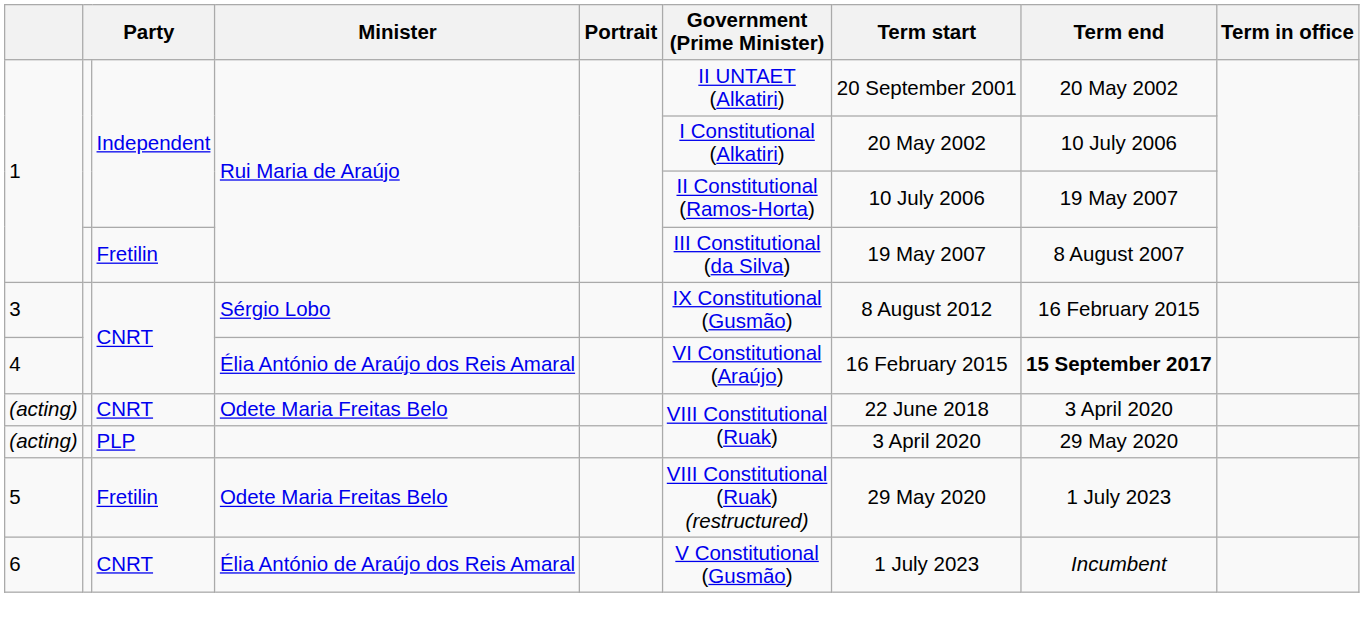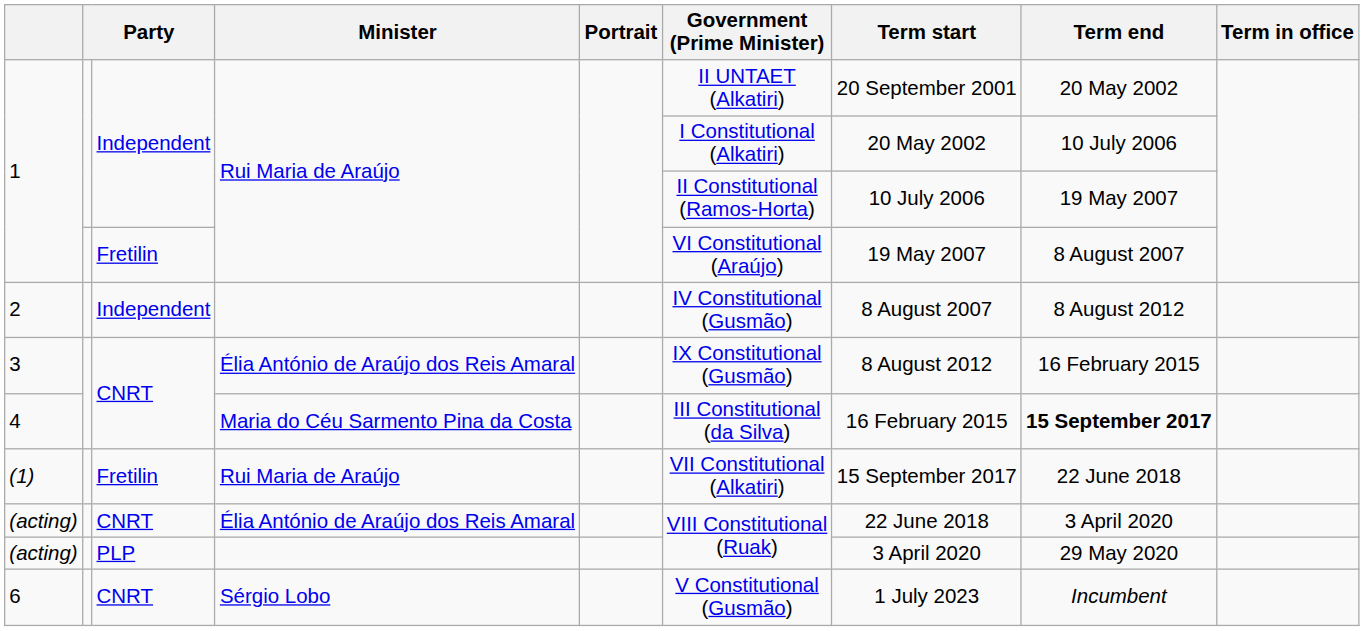 <table class="wikitable sortable">
 <tr>
 <th></th>
 <th colspan="2">Party</th>
 <th>Minister</th>
 <th>Portrait</th>
 <th>Government<br>(Prime Minister)</th>
 <th>Term start</th>
 <th>Term end</th>
 <th>Term in office</th>
 </tr>
 <tr>
 <td rowspan=4>1</td>
 <td rowspan=3 style="background:"></td>
 <td rowspan=3><a href='#'>Independent</a></td>
 <td rowspan=4><a href='#'>Rui Maria de Araújo</a></td>
 <td rowspan=4></td>
 <td align=center><a href='#'>II UNTAET</a><br>(<a href='#'>Alkatiri</a>)</td>
 <td align=center>20 September 2001</td>
 <td align=center>20 May 2002</td>
 <td rowspan=4 align=right></td>
 </tr>
 <tr>
 <td align=center><a href='#'>I Constitutional</a><br>(<a href='#'>Alkatiri</a>)</td>
 <td align=center>20 May 2002</td>
 <td align=center>10 July 2006</td>
 </tr>
 <tr>
 <td align=center><a href='#'>II Constitutional</a><br>(<a href='#'>Ramos-Horta</a>)</td>
 <td align=center>10 July 2006</td>
 <td align=center>19 May 2007</td>
 </tr>
 <tr>
 <td style="background:"></td>
 <td><a href='#'>Fretilin</a></td>
-<td align=center><a href='#'>III Constitutional</a><br>(<a href='#'>da Silva</a>)</td>
+<td align=center><a href='#'>VI Constitutional</a><br>(<a href='#'>Araújo</a>)</td>
 <td align=center>19 May 2007</td>
 <td align=center>8 August 2007</td>
+</tr>
+<tr>
+<td>2</td>
+<td style="background:"></td>
+<td><a href='#'>Independent</a></td>
+<td></td>
+<td></td>
+<td align=center><a href='#'>IV Constitutional</a><br>(<a href='#'>Gusmão</a>)</td>
+<td align=center>8 August 2007</td>
+<td align=center>8 August 2012</td>
+<td align=right></td>
 </tr>
 <tr>
 <td>3</td>
 <td rowspan=2 style="background:"></td>
 <td rowspan=2><a href='#'>CNRT</a></td>
-<td><a href='#'>Sérgio Lobo</a></td>
+<td><a href='#'>Élia António de Araújo dos Reis Amaral</a></td>
 <td></td>
 <td align=center><a href='#'>IX Constitutional</a><br>(<a href='#'>Gusmão</a>)</td>
 <td align=center>8 August 2012</td>
 <td align=center>16 February 2015</td>
 <td align=right></td>
 </tr>
 <tr>
 <td>4</td>
-<td><a href='#'>Élia António de Araújo dos Reis Amaral</a></td>
+<td><a href='#'>Maria do Céu Sarmento Pina da Costa</a></td>
 <td></td>
-<td align=center><a href='#'>VI Constitutional</a><br>(<a href='#'>Araújo</a>)</td>
+<td align=center><a href='#'>III Constitutional</a><br>(<a href='#'>da Silva</a>)</td>
 <td align=center>16 February 2015</td>
 <td align=center><strong>15 September 2017</strong></td>
+<td align=right></td>
+</tr>
+<tr>
+<td><em>(1)</em></td>
+<td style="background:"></td>
+<td><a href='#'>Fretilin</a></td>
+<td><a href='#'>Rui Maria de Araújo</a></td>
+<td></td>
+<td align=center><a href='#'>VII Constitutional</a><br>(<a href='#'>Alkatiri</a>)</td>
+<td align=center>15 September 2017</td>
+<td align=center>22 June 2018</td>
 <td align=right></td>
 </tr>
 <tr>
 <td><em>(acting)</em></td>
 <td style="background:"></td>
 <td><a href='#'>CNRT</a></td>
-<td><a href='#'>Odete Maria Freitas Belo</a></td>
+<td><a href='#'>Élia António de Araújo dos Reis Amaral</a></td>
 <td></td>
 <td rowspan=2 align=center><a href='#'>VIII Constitutional</a><br>(<a href='#'>Ruak</a>)</td>
 <td align=center>22 June 2018</td>
 <td align=center>3 April 2020</td>
 <td align=right></td>
 </tr>
 <tr>
 <td><em>(acting)</em></td>
 <td style="background:"></td>
 <td><a href='#'>PLP</a></td>
 <td></td>
 <td></td>
 <td align=center>3 April 2020</td>
 <td align=center>29 May 2020</td>
 <td align=right></td>
 </tr>
 <tr>
-<td>5</td>
-<td style="background:"></td>
-<td><a href='#'>Fretilin</a></td>
-<td><a href='#'>Odete Maria Freitas Belo</a></td>
-<td></td>
-<td align=center><a href='#'>VIII Constitutional</a><br>(<a href='#'>Ruak</a>)<br><em>(restructured)</em></td>
-<td align=center>29 May 2020</td>
-<td align=center>1 July 2023</td>
-<td align=right></td>
-</tr>
-<tr>
 <td>6</td>
 <td style="background:"></td>
 <td><a href='#'>CNRT</a></td>
-<td><a href='#'>Élia António de Araújo dos Reis Amaral</a></td>
+<td><a href='#'>Sérgio Lobo</a></td>
 <td></td>
 <td align=center><a href='#'>V Constitutional</a><br>(<a href='#'>Gusmão</a>)</td>
 <td align=center>1 July 2023</td>
 <td align=center><em>Incumbent</em></td>
 <td align=right></td>
 </tr>
 </table>
